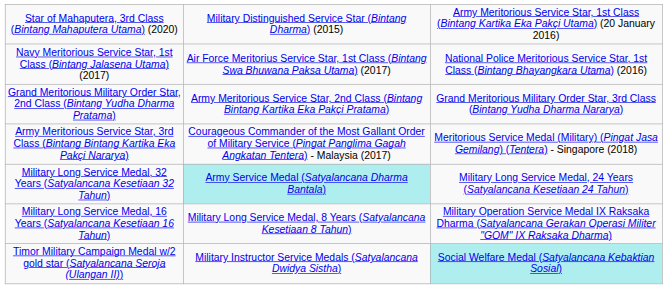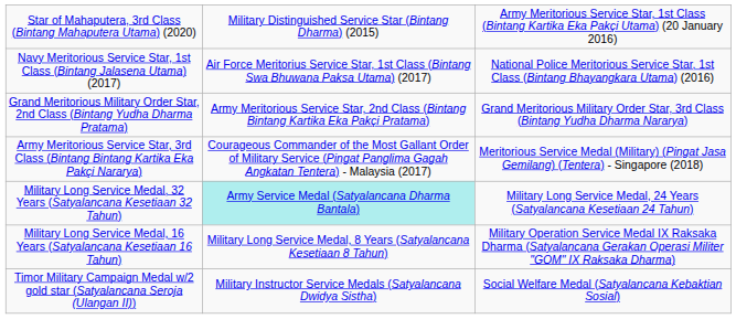 <table class="wikitable" width="80%" style="margin:1em auto; text-align:center;">
 <tr>
 <td colspan="1"><a href='#'>Star of Mahaputera, 3rd Class (<em>Bintang Mahaputera Utama</em>)</a> (2020)</td>
 <td colspan="1"><a href='#'>Military Distinguished Service Star (<em>Bintang Dharma</em>)</a> (2015)</td>
 <td colspan="1"><a href='#'>Army Meritorious Service Star, 1st Class (<em>Bintang Kartika Eka Pakçi Utama</em>)</a> (20 January 2016)</td>
 </tr>
 <tr>
 <td colspan="1"><a href='#'>Navy Meritorious Service Star, 1st Class (<em>Bintang Jalasena Utama</em>)</a> (2017)</td>
 <td colspan="1"><a href='#'>Air Force Meritorius Service Star, 1st Class (<em>Bintang Swa Bhuwana Paksa Utama</em>)</a> (2017)</td>
 <td colspan="1"><a href='#'>National Police Meritorious Service Star, 1st Class (<em>Bintang Bhayangkara Utama</em>)</a> (2016)</td>
 </tr>
 <tr>
 <td colspan="1"><a href='#'>Grand Meritorious Military Order Star, 2nd Class (<em>Bintang Yudha Dharma Pratama</em>)</a></td>
 <td colspan="1"><a href='#'>Army Meritorious Service Star, 2nd Class (<em>Bintang Bintang Kartika Eka Pakçi Pratama</em>)</a></td>
 <td colspan="1"><a href='#'>Grand Meritorious Military Order Star, 3rd Class (<em>Bintang Yudha Dharma Nararya</em>)</a></td>
 </tr>
 <tr>
 <td colspan="1"><a href='#'>Army Meritorious Service Star, 3rd Class (<em>Bintang Bintang Kartika Eka Pakçi Nararya</em>)</a></td>
 <td colspan="1"><a href='#'>Courageous Commander of the Most Gallant Order of Military Service (<em>Pingat Panglima Gagah Angkatan Tentera</em>)</a> - Malaysia (2017)</td>
 <td colspan="1"><a href='#'>Meritorious Service Medal (Military) (<em>Pingat Jasa Gemilang</em>) (<em>Tentera</em>)</a> - Singapore (2018)</td>
 </tr>
 <tr>
 <td colspan="1"><a href='#'>Military Long Service Medal, 32 Years (<em>Satyalancana Kesetiaan 32 Tahun</em>)</a></td>
 <td colspan="1" style="background: paleturquoise;"><a href='#'>Army Service Medal (<em>Satyalancana Dharma Bantala</em>)</a></td>
 <td colspan="1"><a href='#'>Military Long Service Medal, 24 Years (<em>Satyalancana Kesetiaan 24 Tahun</em>)</a></td>
 </tr>
 <tr>
 <td colspan="1"><a href='#'>Military Long Service Medal, 16 Years (<em>Satyalancana Kesetiaan 16 Tahun</em>)</a></td>
 <td colspan="1"><a href='#'>Military Long Service Medal, 8 Years (<em>Satyalancana Kesetiaan 8 Tahun</em>)</a></td>
 <td colspan="1"><a href='#'>Military Operation Service Medal IX Raksaka Dharma (<em>Satyalancana Gerakan Operasi Militer "GOM" IX Raksaka Dharma</em>)</a></td>
 </tr>
 <tr>
 <td colspan="1"><a href='#'>Timor Military Campaign Medal  w/2 gold star (<em>Satyalancana Seroja (Ulangan II)</em>)</a></td>
 <td colspan="1"><a href='#'>Military Instructor Service Medals (<em>Satyalancana Dwidya Sistha</em>)</a></td>
-<td colspan="1" style="background: paleturquoise;"><a href='#'>Social Welfare Medal (<em>Satyalancana Kebaktian Sosial</em>)</a></td>
+<td colspan="1"><a href='#'>Social Welfare Medal (<em>Satyalancana Kebaktian Sosial</em>)</a></td>
 </tr>
 </table>
